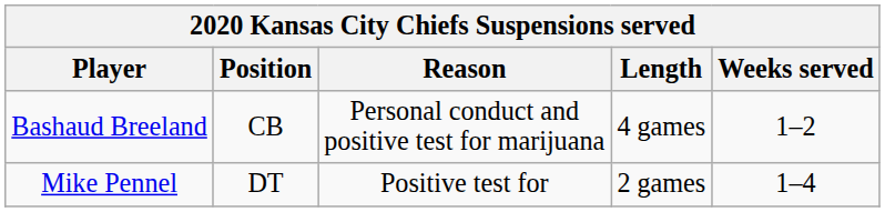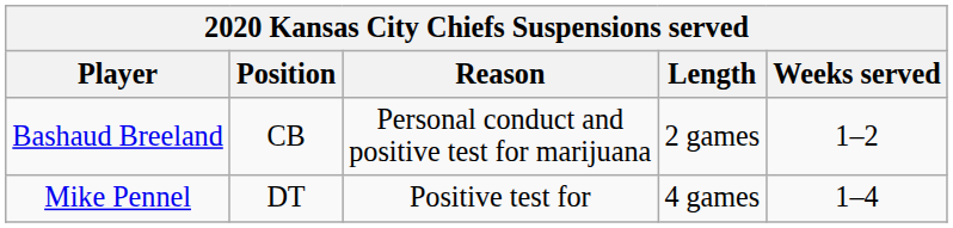 <table class="wikitable" style="text-align:center">
 <tr>
 <th colspan=5>2020 Kansas City Chiefs Suspensions served</th>
 </tr>
 <tr>
 <th>Player</th>
 <th>Position</th>
 <th>Reason</th>
 <th>Length</th>
 <th>Weeks served</th>
 </tr>
 <tr>
 <td><a href='#'>Bashaud Breeland</a></td>
 <td>CB</td>
 <td>Personal conduct and<br>positive test for marijuana</td>
-<td>4 games</td>
+<td>2 games</td>
 <td>1–2</td>
 </tr>
 <tr>
 <td><a href='#'>Mike Pennel</a></td>
 <td>DT</td>
 <td>Positive test for </td>
-<td>2 games</td>
+<td>4 games</td>
 <td>1–4</td>
 </tr>
 </table>
